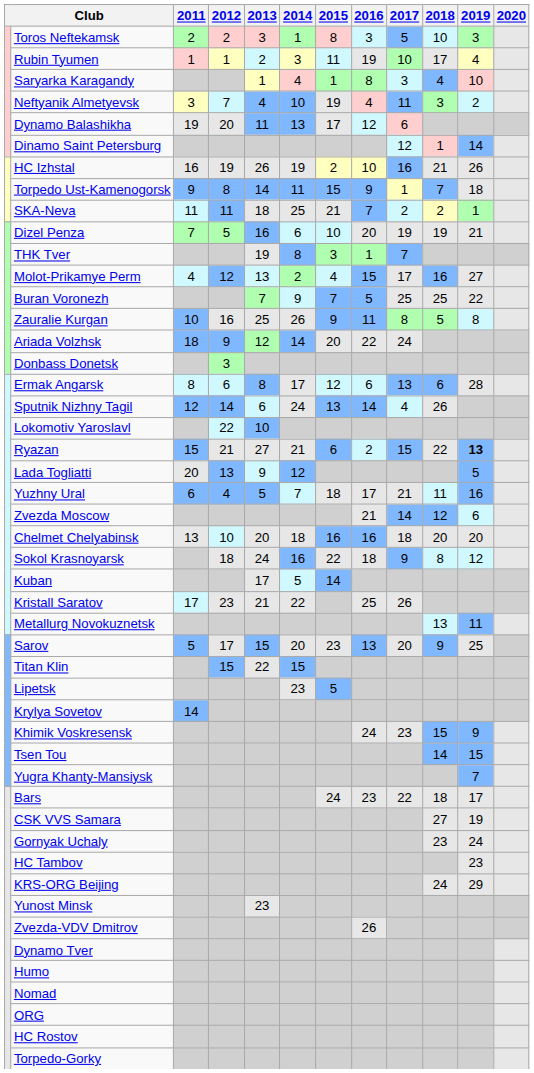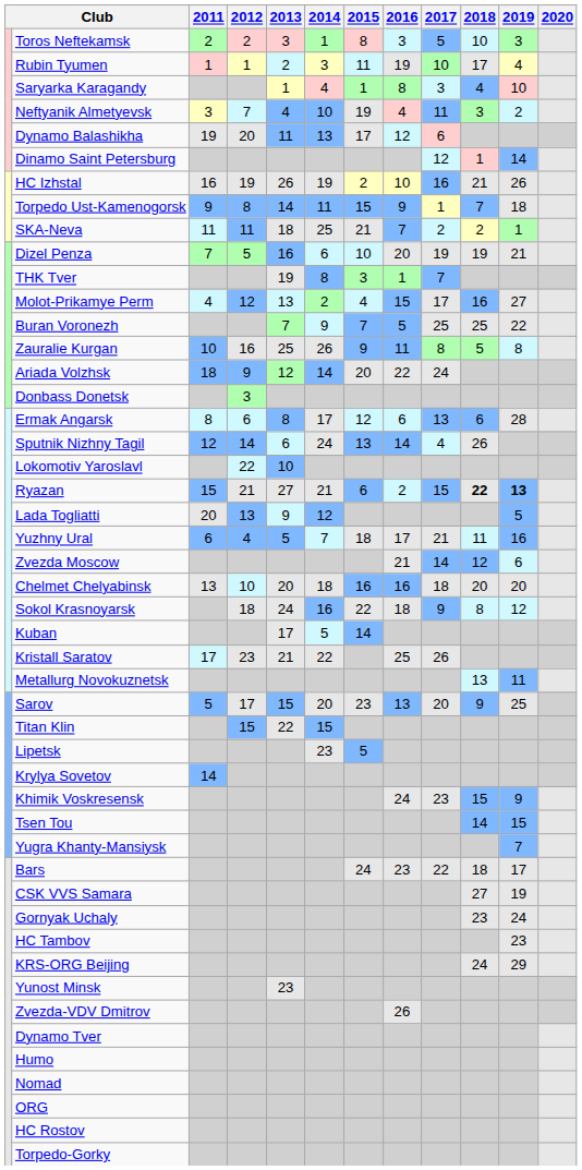 <table class="wikitable" style="font-size: 80%;">
 <tr>
 <th colspan=2>Club</th>
 <th><a href='#'>2011</a></th>
 <th><a href='#'>2012</a></th>
 <th><a href='#'>2013</a></th>
 <th><a href='#'>2014</a></th>
 <th><a href='#'>2015</a></th>
 <th><a href='#'>2016</a></th>
 <th><a href='#'>2017</a></th>
 <th><a href='#'>2018</a></th>
 <th><a href='#'>2019</a></th>
 <th><a href='#'>2020</a></th>
 </tr>
 <tr align="center">
 <td rowspan=6 bgcolor="#ffcfcf"></td>
 <td align="left"><a href='#'>Toros Neftekamsk</a></td>
 <td bgcolor="#b0ffb0">2</td>
 <td bgcolor="#ffcfcf">2</td>
 <td bgcolor="#ffcfcf">3</td>
 <td bgcolor="#b0ffb0">1</td>
 <td bgcolor="#ffcfcf">8</td>
 <td bgcolor="#cff8ff">3</td>
 <td bgcolor="#80b8ff">5</td>
 <td bgcolor="#cff8ff">10</td>
 <td bgcolor="#b0ffb0">3</td>
 <td bgcolor="#e7e7e7"></td>
 </tr>
 <tr align="center">
 <td align="left"><a href='#'>Rubin Tyumen</a></td>
 <td bgcolor="#ffcfcf">1</td>
 <td bgcolor="#ffffbf">1</td>
 <td bgcolor="#cff8ff">2</td>
 <td bgcolor="#ffffbf">3</td>
 <td bgcolor="#cff8ff">11</td>
 <td bgcolor="#e7e7e7">19</td>
 <td bgcolor="#b0ffb0">10</td>
 <td bgcolor="#e7e7e7">17</td>
 <td bgcolor="#ffffbf">4</td>
 <td bgcolor="#e7e7e7"></td>
 </tr>
 <tr align="center">
 <td align="left"><a href='#'>Saryarka Karagandy</a></td>
 <td bgcolor="#d0d0d0"></td>
 <td bgcolor="#d0d0d0"></td>
 <td bgcolor="#ffffbf">1</td>
 <td bgcolor="#ffcfcf">4</td>
 <td bgcolor="#b0ffb0">1</td>
 <td bgcolor="#b0ffb0">8</td>
 <td bgcolor="#cff8ff">3</td>
 <td bgcolor="#80b8ff">4</td>
 <td bgcolor="#ffcfcf">10</td>
 <td bgcolor="#e7e7e7"></td>
 </tr>
 <tr align="center">
 <td align="left"><a href='#'>Neftyanik Almetyevsk</a></td>
 <td bgcolor="#ffffbf">3</td>
 <td bgcolor="#cff8ff">7</td>
 <td bgcolor="#80b8ff">4</td>
 <td bgcolor="#80b8ff">10</td>
 <td bgcolor="#e7e7e7">19</td>
 <td bgcolor="#ffcfcf">4</td>
 <td bgcolor="#80b8ff">11</td>
 <td bgcolor="#b0ffb0">3</td>
 <td bgcolor="#cff8ff">2</td>
 <td bgcolor="#e7e7e7"></td>
 </tr>
 <tr align="center">
 <td align="left"><a href='#'>Dynamo Balashikha</a></td>
 <td bgcolor="#e7e7e7">19</td>
 <td bgcolor="#e7e7e7">20</td>
 <td bgcolor="#80b8ff">11</td>
 <td bgcolor="#80b8ff">13</td>
 <td bgcolor="#e7e7e7">17</td>
 <td bgcolor="#cff8ff">12</td>
 <td bgcolor="#ffcfcf">6</td>
 <td bgcolor="#d0d0d0"></td>
 <td bgcolor="#d0d0d0"></td>
 <td bgcolor="#d0d0d0"></td>
 </tr>
 <tr align="center">
 <td align="left"><a href='#'>Dinamo Saint Petersburg</a></td>
 <td bgcolor="#d0d0d0"></td>
 <td bgcolor="#d0d0d0"></td>
 <td bgcolor="#d0d0d0"></td>
 <td bgcolor="#d0d0d0"></td>
 <td bgcolor="#d0d0d0"></td>
 <td bgcolor="#d0d0d0"></td>
 <td bgcolor="#cff8ff">12</td>
 <td bgcolor="#ffcfcf">1</td>
 <td bgcolor="#80b8ff">14</td>
 <td bgcolor="#e7e7e7"></td>
 </tr>
 <tr align="center">
 <td rowspan=3 bgcolor="#ffffbf"></td>
 <td align="left"><a href='#'>HC Izhstal</a></td>
 <td bgcolor="#e7e7e7">16</td>
 <td bgcolor="#e7e7e7">19</td>
 <td bgcolor="#e7e7e7">26</td>
 <td bgcolor="#e7e7e7">19</td>
 <td bgcolor="#ffffbf">2</td>
 <td bgcolor="#ffffbf">10</td>
 <td bgcolor="#80b8ff">16</td>
 <td bgcolor="#e7e7e7">21</td>
 <td bgcolor="#e7e7e7">26</td>
 <td bgcolor="#e7e7e7"></td>
 </tr>
 <tr align="center">
 <td align="left"><a href='#'>Torpedo Ust-Kamenogorsk</a></td>
 <td bgcolor="#80b8ff">9</td>
 <td bgcolor="#80b8ff">8</td>
 <td bgcolor="#80b8ff">14</td>
 <td bgcolor="#80b8ff">11</td>
 <td bgcolor="#80b8ff">15</td>
 <td bgcolor="#80b8ff">9</td>
 <td bgcolor="#ffffbf">1</td>
 <td bgcolor="#80b8ff">7</td>
 <td bgcolor="#e7e7e7">18</td>
 <td bgcolor="#e7e7e7"></td>
 </tr>
 <tr align="center">
 <td align="left"><a href='#'>SKA-Neva</a></td>
 <td bgcolor="#cff8ff">11</td>
 <td bgcolor="#80b8ff">11</td>
 <td bgcolor="#e7e7e7">18</td>
 <td bgcolor="#e7e7e7">25</td>
 <td bgcolor="#e7e7e7">21</td>
 <td bgcolor="#80b8ff">7</td>
 <td bgcolor="#cff8ff">2</td>
 <td bgcolor="#ffffbf">2</td>
 <td bgcolor="#b0ffb0">1</td>
 <td bgcolor="#e7e7e7"></td>
 </tr>
 <tr align="center">
 <td rowspan=7 bgcolor="#b0ffb0"></td>
 <td align="left"><a href='#'>Dizel Penza</a></td>
 <td bgcolor="#b0ffb0">7</td>
 <td bgcolor="#b0ffb0">5</td>
 <td bgcolor="#80b8ff">16</td>
 <td bgcolor="#cff8ff">6</td>
 <td bgcolor="#cff8ff">10</td>
 <td bgcolor="#e7e7e7">20</td>
 <td bgcolor="#e7e7e7">19</td>
 <td bgcolor="#e7e7e7">19</td>
 <td bgcolor="#e7e7e7">21</td>
 <td bgcolor="#e7e7e7"></td>
 </tr>
 <tr align="center">
 <td align="left"><a href='#'>THK Tver</a></td>
 <td bgcolor="#d0d0d0"></td>
 <td bgcolor="#d0d0d0"></td>
 <td bgcolor="#e7e7e7">19</td>
 <td bgcolor="#80b8ff">8</td>
 <td bgcolor="#b0ffb0">3</td>
 <td bgcolor="#b0ffb0">1</td>
 <td bgcolor="#80b8ff">7</td>
 <td bgcolor="#d0d0d0"></td>
 <td bgcolor="#d0d0d0"></td>
 <td bgcolor="#d0d0d0"></td>
 </tr>
 <tr align="center">
 <td align="left"><a href='#'>Molot-Prikamye Perm</a></td>
 <td bgcolor="#cff8ff">4</td>
 <td bgcolor="#80b8ff">12</td>
 <td bgcolor="#cff8ff">13</td>
 <td bgcolor="#b0ffb0">2</td>
 <td bgcolor="#cff8ff">4</td>
 <td bgcolor="#80b8ff">15</td>
 <td bgcolor="#e7e7e7">17</td>
 <td bgcolor="#80b8ff">16</td>
 <td bgcolor="#e7e7e7">27</td>
 <td bgcolor="#e7e7e7"></td>
 </tr>
 <tr align="center">
 <td align="left"><a href='#'>Buran Voronezh</a></td>
 <td bgcolor="#d0d0d0"></td>
 <td bgcolor="#d0d0d0"></td>
 <td bgcolor="#b0ffb0">7</td>
 <td bgcolor="#cff8ff">9</td>
 <td bgcolor="#80b8ff">7</td>
 <td bgcolor="#80b8ff">5</td>
 <td bgcolor="#e7e7e7">25</td>
 <td bgcolor="#e7e7e7">25</td>
 <td bgcolor="#e7e7e7">22</td>
 <td bgcolor="#e7e7e7"></td>
 </tr>
 <tr align="center">
 <td align="left"><a href='#'>Zauralie Kurgan</a></td>
 <td bgcolor="#80b8ff">10</td>
 <td bgcolor="#e7e7e7">16</td>
 <td bgcolor="#e7e7e7">25</td>
 <td bgcolor="#e7e7e7">26</td>
 <td bgcolor="#80b8ff">9</td>
 <td bgcolor="#80b8ff">11</td>
 <td bgcolor="#b0ffb0">8</td>
 <td bgcolor="#b0ffb0">5</td>
 <td bgcolor="#cff8ff">8</td>
 <td bgcolor="#e7e7e7"></td>
 </tr>
 <tr align="center">
 <td align="left"><a href='#'>Ariada Volzhsk</a></td>
 <td bgcolor="#80b8ff">18</td>
 <td bgcolor="#80b8ff">9</td>
 <td bgcolor="#b0ffb0">12</td>
 <td bgcolor="#80b8ff">14</td>
 <td bgcolor="#e7e7e7">20</td>
 <td bgcolor="#e7e7e7">22</td>
 <td bgcolor="#e7e7e7">24</td>
 <td bgcolor="#d0d0d0"></td>
 <td bgcolor="#d0d0d0"></td>
 <td bgcolor="#d0d0d0"></td>
 </tr>
 <tr align="center">
 <td align="left"><a href='#'>Donbass Donetsk</a></td>
 <td bgcolor="#d0d0d0"></td>
 <td bgcolor="#b0ffb0">3</td>
 <td bgcolor="#d0d0d0"></td>
 <td bgcolor="#d0d0d0"></td>
 <td bgcolor="#d0d0d0"></td>
 <td bgcolor="#d0d0d0"></td>
 <td bgcolor="#d0d0d0"></td>
 <td bgcolor="#d0d0d0"></td>
 <td bgcolor="#d0d0d0"></td>
 <td bgcolor="#d0d0d0"></td>
 </tr>
 <tr align="center">
 <td rowspan=12 bgcolor="#cff8ff"></td>
 <td align="left"><a href='#'>Ermak Angarsk</a></td>
 <td bgcolor="#cff8ff">8</td>
 <td bgcolor="#cff8ff">6</td>
 <td bgcolor="#80b8ff">8</td>
 <td bgcolor="#e7e7e7">17</td>
 <td bgcolor="#cff8ff">12</td>
 <td bgcolor="#cff8ff">6</td>
 <td bgcolor="#80b8ff">13</td>
 <td bgcolor="#80b8ff">6</td>
 <td bgcolor="#e7e7e7">28</td>
 <td bgcolor="#e7e7e7"></td>
 </tr>
 <tr align="center">
 <td align="left"><a href='#'>Sputnik Nizhny Tagil</a></td>
 <td bgcolor="#80b8ff">12</td>
 <td bgcolor="#80b8ff">14</td>
 <td bgcolor="#cff8ff">6</td>
 <td bgcolor="#e7e7e7">24</td>
 <td bgcolor="#80b8ff">13</td>
 <td bgcolor="#80b8ff">14</td>
 <td bgcolor="#cff8ff">4</td>
 <td bgcolor="#e7e7e7">26</td>
 <td bgcolor="#d0d0d0"></td>
 <td bgcolor="#d0d0d0"></td>
 </tr>
 <tr align="center">
 <td align="left"><a href='#'>Lokomotiv Yaroslavl</a></td>
 <td bgcolor="#d0d0d0"></td>
 <td bgcolor="#cff8ff">22</td>
 <td bgcolor="#80b8ff">10</td>
 <td bgcolor="#d0d0d0"></td>
 <td bgcolor="#d0d0d0"></td>
 <td bgcolor="#d0d0d0"></td>
 <td bgcolor="#d0d0d0"></td>
 <td bgcolor="#d0d0d0"></td>
 <td bgcolor="#d0d0d0"></td>
 <td bgcolor="#d0d0d0"></td>
 </tr>
 <tr align="center">
 <td align="left"><a href='#'>Ryazan</a></td>
 <td bgcolor="#80b8ff">15</td>
 <td bgcolor="#e7e7e7">21</td>
 <td bgcolor="#e7e7e7">27</td>
 <td bgcolor="#e7e7e7">21</td>
 <td bgcolor="#80b8ff">6</td>
 <td bgcolor="#cff8ff">2</td>
 <td bgcolor="#80b8ff">15</td>
-<td bgcolor="#e7e7e7">22</td>
+<td bgcolor="#e7e7e7"><strong>22</strong></td>
 <td bgcolor="#80b8ff"><strong>13</strong></td>
 <td bgcolor="#e7e7e7"></td>
 </tr>
 <tr align="center">
 <td align="left"><a href='#'>Lada Togliatti</a></td>
 <td bgcolor="#e7e7e7">20</td>
 <td bgcolor="#80b8ff">13</td>
 <td bgcolor="#cff8ff">9</td>
 <td bgcolor="#80b8ff">12</td>
 <td bgcolor="#d0d0d0"></td>
 <td bgcolor="#d0d0d0"></td>
 <td bgcolor="#d0d0d0"></td>
 <td bgcolor="#d0d0d0"></td>
 <td bgcolor="#80b8ff">5</td>
 <td bgcolor="#e7e7e7"></td>
 </tr>
 <tr align="center">
 <td align="left"><a href='#'>Yuzhny Ural</a></td>
 <td bgcolor="#80b8ff">6</td>
 <td bgcolor="#80b8ff">4</td>
 <td bgcolor="#80b8ff">5</td>
 <td bgcolor="#cff8ff">7</td>
 <td bgcolor="#e7e7e7">18</td>
 <td bgcolor="#e7e7e7">17</td>
 <td bgcolor="#e7e7e7">21</td>
 <td bgcolor="#cff8ff">11</td>
 <td bgcolor="#80b8ff">16</td>
 <td bgcolor="#e7e7e7"></td>
 </tr>
 <tr align="center">
 <td align="left"><a href='#'>Zvezda Moscow</a></td>
 <td bgcolor="#d0d0d0"></td>
 <td bgcolor="#d0d0d0"></td>
 <td bgcolor="#d0d0d0"></td>
 <td bgcolor="#d0d0d0"></td>
 <td bgcolor="#d0d0d0"></td>
 <td bgcolor="#e7e7e7">21</td>
 <td bgcolor="#80b8ff">14</td>
 <td bgcolor="#80b8ff">12</td>
 <td bgcolor="#cff8ff">6</td>
 <td bgcolor="#e7e7e7"></td>
 </tr>
 <tr align="center">
 <td align="left"><a href='#'>Chelmet Chelyabinsk</a></td>
 <td bgcolor="#e7e7e7">13</td>
 <td bgcolor="#cff8ff">10</td>
 <td bgcolor="#e7e7e7">20</td>
 <td bgcolor="#e7e7e7">18</td>
 <td bgcolor="#80b8ff">16</td>
 <td bgcolor="#80b8ff">16</td>
 <td bgcolor="#e7e7e7">18</td>
 <td bgcolor="#e7e7e7">20</td>
 <td bgcolor="#e7e7e7">20</td>
 <td bgcolor="#e7e7e7"></td>
 </tr>
 <tr align="center">
 <td align="left"><a href='#'>Sokol Krasnoyarsk</a></td>
 <td bgcolor="#d0d0d0"></td>
 <td bgcolor="#e7e7e7">18</td>
 <td bgcolor="#e7e7e7">24</td>
 <td bgcolor="#80b8ff">16</td>
 <td bgcolor="#e7e7e7">22</td>
 <td bgcolor="#e7e7e7">18</td>
 <td bgcolor="#80b8ff">9</td>
 <td bgcolor="#cff8ff">8</td>
 <td bgcolor="#cff8ff">12</td>
 <td bgcolor="#e7e7e7"></td>
 </tr>
 <tr align="center">
 <td align="left"><a href='#'>Kuban</a></td>
 <td bgcolor="#d0d0d0"></td>
 <td bgcolor="#d0d0d0"></td>
 <td bgcolor="#e7e7e7">17</td>
 <td bgcolor="#cff8ff">5</td>
 <td bgcolor="#80b8ff">14</td>
 <td bgcolor="#d0d0d0"></td>
 <td bgcolor="#d0d0d0"></td>
 <td bgcolor="#d0d0d0"></td>
 <td bgcolor="#d0d0d0"></td>
 <td bgcolor="#d0d0d0"></td>
 </tr>
 <tr align="center">
 <td align="left"><a href='#'>Kristall Saratov</a></td>
 <td bgcolor="#cff8ff">17</td>
 <td bgcolor="#e7e7e7">23</td>
 <td bgcolor="#e7e7e7">21</td>
 <td bgcolor="#e7e7e7">22</td>
 <td bgcolor="#d0d0d0"></td>
 <td bgcolor="#e7e7e7">25</td>
 <td bgcolor="#e7e7e7">26</td>
 <td bgcolor="#d0d0d0"></td>
 <td bgcolor="#d0d0d0"></td>
 <td bgcolor="#d0d0d0"></td>
 </tr>
 <tr align="center">
 <td align="left"><a href='#'>Metallurg Novokuznetsk</a></td>
 <td bgcolor="#d0d0d0"></td>
 <td bgcolor="#d0d0d0"></td>
 <td bgcolor="#d0d0d0"></td>
 <td bgcolor="#d0d0d0"></td>
 <td bgcolor="#d0d0d0"></td>
 <td bgcolor="#d0d0d0"></td>
 <td bgcolor="#d0d0d0"></td>
 <td bgcolor="#cff8ff">13</td>
 <td bgcolor="#80b8ff">11</td>
 <td bgcolor="#e7e7e7"></td>
 </tr>
 <tr align="center">
 <td rowspan=7 bgcolor="#80b8ff"></td>
 <td align="left"><a href='#'>Sarov</a></td>
 <td bgcolor="#80b8ff">5</td>
 <td bgcolor="#e7e7e7">17</td>
 <td bgcolor="#80b8ff">15</td>
 <td bgcolor="#e7e7e7">20</td>
 <td bgcolor="#e7e7e7">23</td>
 <td bgcolor="#80b8ff">13</td>
 <td bgcolor="#e7e7e7">20</td>
 <td bgcolor="#80b8ff">9</td>
 <td bgcolor="#e7e7e7">25</td>
 <td bgcolor="#d0d0d0"></td>
 </tr>
 <tr align="center">
 <td align="left"><a href='#'>Titan Klin</a></td>
 <td bgcolor="#d0d0d0"></td>
 <td bgcolor="#80b8ff">15</td>
 <td bgcolor="#e7e7e7">22</td>
 <td bgcolor="#80b8ff">15</td>
 <td bgcolor="#d0d0d0"></td>
 <td bgcolor="#d0d0d0"></td>
 <td bgcolor="#d0d0d0"></td>
 <td bgcolor="#d0d0d0"></td>
 <td bgcolor="#d0d0d0"></td>
 <td bgcolor="#d0d0d0"></td>
 </tr>
 <tr align="center">
 <td align="left"><a href='#'>Lipetsk</a></td>
 <td bgcolor="#d0d0d0"></td>
 <td bgcolor="#d0d0d0"></td>
 <td bgcolor="#d0d0d0"></td>
 <td bgcolor="#e7e7e7">23</td>
 <td bgcolor="#80b8ff">5</td>
 <td bgcolor="#d0d0d0"></td>
 <td bgcolor="#d0d0d0"></td>
 <td bgcolor="#d0d0d0"></td>
 <td bgcolor="#d0d0d0"></td>
 <td bgcolor="#d0d0d0"></td>
 </tr>
 <tr align="center">
 <td align="left"><a href='#'>Krylya Sovetov</a></td>
 <td bgcolor="#80b8ff">14</td>
 <td bgcolor="#d0d0d0"></td>
 <td bgcolor="#d0d0d0"></td>
 <td bgcolor="#d0d0d0"></td>
 <td bgcolor="#d0d0d0"></td>
 <td bgcolor="#d0d0d0"></td>
 <td bgcolor="#d0d0d0"></td>
 <td bgcolor="#d0d0d0"></td>
 <td bgcolor="#d0d0d0"></td>
 <td bgcolor="#d0d0d0"></td>
 </tr>
 <tr align="center">
 <td align="left"><a href='#'>Khimik Voskresensk</a></td>
 <td bgcolor="#d0d0d0"></td>
 <td bgcolor="#d0d0d0"></td>
 <td bgcolor="#d0d0d0"></td>
 <td bgcolor="#d0d0d0"></td>
 <td bgcolor="#d0d0d0"></td>
 <td bgcolor="#e7e7e7">24</td>
 <td bgcolor="#e7e7e7">23</td>
 <td bgcolor="#80b8ff">15</td>
 <td bgcolor="#80b8ff">9</td>
 <td bgcolor="#e7e7e7"></td>
 </tr>
 <tr align="center">
 <td align="left"><a href='#'>Tsen Tou</a></td>
 <td bgcolor="#d0d0d0"></td>
 <td bgcolor="#d0d0d0"></td>
 <td bgcolor="#d0d0d0"></td>
 <td bgcolor="#d0d0d0"></td>
 <td bgcolor="#d0d0d0"></td>
 <td bgcolor="#d0d0d0"></td>
 <td bgcolor="#d0d0d0"></td>
 <td bgcolor="#80b8ff">14</td>
 <td bgcolor="#80b8ff">15</td>
 <td bgcolor="#e7e7e7"></td>
 </tr>
 <tr align="center">
 <td align="left"><a href='#'>Yugra Khanty-Mansiysk</a></td>
 <td bgcolor="#d0d0d0"></td>
 <td bgcolor="#d0d0d0"></td>
 <td bgcolor="#d0d0d0"></td>
 <td bgcolor="#d0d0d0"></td>
 <td bgcolor="#d0d0d0"></td>
 <td bgcolor="#d0d0d0"></td>
 <td bgcolor="#d0d0d0"></td>
 <td bgcolor="#d0d0d0"></td>
 <td bgcolor="#80b8ff">7</td>
 <td bgcolor="#e7e7e7"></td>
 </tr>
 <tr align="center">
 <td rowspan=13 bgcolor="#e7e7e7"></td>
 <td align="left"><a href='#'>Bars</a></td>
 <td bgcolor="#d0d0d0"></td>
 <td bgcolor="#d0d0d0"></td>
 <td bgcolor="#d0d0d0"></td>
 <td bgcolor="#d0d0d0"></td>
 <td bgcolor="#e7e7e7">24</td>
 <td bgcolor="#e7e7e7">23</td>
 <td bgcolor="#e7e7e7">22</td>
 <td bgcolor="#e7e7e7">18</td>
 <td bgcolor="#e7e7e7">17</td>
 <td bgcolor="#e7e7e7"></td>
 </tr>
 <tr align="center">
 <td align="left"><a href='#'>CSK VVS Samara</a></td>
 <td bgcolor="#d0d0d0"></td>
 <td bgcolor="#d0d0d0"></td>
 <td bgcolor="#d0d0d0"></td>
 <td bgcolor="#d0d0d0"></td>
 <td bgcolor="#d0d0d0"></td>
 <td bgcolor="#d0d0d0"></td>
 <td bgcolor="#d0d0d0"></td>
 <td bgcolor="#e7e7e7">27</td>
 <td bgcolor="#e7e7e7">19</td>
 <td bgcolor="#e7e7e7"></td>
 </tr>
 <tr align="center">
 <td align="left"><a href='#'>Gornyak Uchaly</a></td>
 <td bgcolor="#d0d0d0"></td>
 <td bgcolor="#d0d0d0"></td>
 <td bgcolor="#d0d0d0"></td>
 <td bgcolor="#d0d0d0"></td>
 <td bgcolor="#d0d0d0"></td>
 <td bgcolor="#d0d0d0"></td>
 <td bgcolor="#d0d0d0"></td>
 <td bgcolor="#e7e7e7">23</td>
 <td bgcolor="#e7e7e7">24</td>
 <td bgcolor="#e7e7e7"></td>
 </tr>
 <tr align="center">
 <td align="left"><a href='#'>HC Tambov</a></td>
 <td bgcolor="#d0d0d0"></td>
 <td bgcolor="#d0d0d0"></td>
 <td bgcolor="#d0d0d0"></td>
 <td bgcolor="#d0d0d0"></td>
 <td bgcolor="#d0d0d0"></td>
 <td bgcolor="#d0d0d0"></td>
 <td bgcolor="#d0d0d0"></td>
 <td bgcolor="#d0d0d0"></td>
 <td bgcolor="#e7e7e7">23</td>
 <td bgcolor="#e7e7e7"></td>
 </tr>
 <tr align="center">
 <td align="left"><a href='#'>KRS-ORG Beijing</a></td>
 <td bgcolor="#d0d0d0"></td>
 <td bgcolor="#d0d0d0"></td>
 <td bgcolor="#d0d0d0"></td>
 <td bgcolor="#d0d0d0"></td>
 <td bgcolor="#d0d0d0"></td>
 <td bgcolor="#d0d0d0"></td>
 <td bgcolor="#d0d0d0"></td>
 <td bgcolor="#e7e7e7">24</td>
 <td bgcolor="#e7e7e7">29</td>
 <td bgcolor="#e7e7e7"></td>
 </tr>
 <tr align="center">
 <td align="left"><a href='#'>Yunost Minsk</a></td>
 <td bgcolor="#d0d0d0"></td>
 <td bgcolor="#d0d0d0"></td>
 <td bgcolor="#e7e7e7">23</td>
 <td bgcolor="#d0d0d0"></td>
 <td bgcolor="#d0d0d0"></td>
 <td bgcolor="#d0d0d0"></td>
 <td bgcolor="#d0d0d0"></td>
 <td bgcolor="#d0d0d0"></td>
 <td bgcolor="#d0d0d0"></td>
 <td bgcolor="#d0d0d0"></td>
 </tr>
 <tr align="center">
 <td align="left"><a href='#'>Zvezda-VDV Dmitrov</a></td>
 <td bgcolor="#d0d0d0"></td>
 <td bgcolor="#d0d0d0"></td>
 <td bgcolor="#d0d0d0"></td>
 <td bgcolor="#d0d0d0"></td>
 <td bgcolor="#d0d0d0"></td>
 <td bgcolor="#e7e7e7">26</td>
 <td bgcolor="#d0d0d0"></td>
 <td bgcolor="#d0d0d0"></td>
 <td bgcolor="#d0d0d0"></td>
 <td bgcolor="#d0d0d0"></td>
 </tr>
 <tr align="center">
 <td align="left"><a href='#'>Dynamo Tver</a></td>
 <td bgcolor="#d0d0d0"></td>
 <td bgcolor="#d0d0d0"></td>
 <td bgcolor="#d0d0d0"></td>
 <td bgcolor="#d0d0d0"></td>
 <td bgcolor="#d0d0d0"></td>
 <td bgcolor="#d0d0d0"></td>
 <td bgcolor="#d0d0d0"></td>
 <td bgcolor="#d0d0d0"></td>
 <td bgcolor="#d0d0d0"></td>
 <td bgcolor="#e7e7e7"></td>
 </tr>
 <tr align="center">
 <td align="left"><a href='#'>Humo</a></td>
 <td bgcolor="#d0d0d0"></td>
 <td bgcolor="#d0d0d0"></td>
 <td bgcolor="#d0d0d0"></td>
 <td bgcolor="#d0d0d0"></td>
 <td bgcolor="#d0d0d0"></td>
 <td bgcolor="#d0d0d0"></td>
 <td bgcolor="#d0d0d0"></td>
 <td bgcolor="#d0d0d0"></td>
 <td bgcolor="#d0d0d0"></td>
 <td bgcolor="#e7e7e7"></td>
 </tr>
 <tr align="center">
 <td align="left"><a href='#'>Nomad</a></td>
 <td bgcolor="#d0d0d0"></td>
 <td bgcolor="#d0d0d0"></td>
 <td bgcolor="#d0d0d0"></td>
 <td bgcolor="#d0d0d0"></td>
 <td bgcolor="#d0d0d0"></td>
 <td bgcolor="#d0d0d0"></td>
 <td bgcolor="#d0d0d0"></td>
 <td bgcolor="#d0d0d0"></td>
 <td bgcolor="#d0d0d0"></td>
 <td bgcolor="#e7e7e7"></td>
 </tr>
 <tr align="center">
 <td align="left"><a href='#'>ORG</a></td>
 <td bgcolor="#d0d0d0"></td>
 <td bgcolor="#d0d0d0"></td>
 <td bgcolor="#d0d0d0"></td>
 <td bgcolor="#d0d0d0"></td>
 <td bgcolor="#d0d0d0"></td>
 <td bgcolor="#d0d0d0"></td>
 <td bgcolor="#d0d0d0"></td>
 <td bgcolor="#d0d0d0"></td>
 <td bgcolor="#d0d0d0"></td>
 <td bgcolor="#e7e7e7"></td>
 </tr>
 <tr align="center">
 <td align="left"><a href='#'>HC Rostov</a></td>
 <td bgcolor="#d0d0d0"></td>
 <td bgcolor="#d0d0d0"></td>
 <td bgcolor="#d0d0d0"></td>
 <td bgcolor="#d0d0d0"></td>
 <td bgcolor="#d0d0d0"></td>
 <td bgcolor="#d0d0d0"></td>
 <td bgcolor="#d0d0d0"></td>
 <td bgcolor="#d0d0d0"></td>
 <td bgcolor="#d0d0d0"></td>
 <td bgcolor="#e7e7e7"></td>
 </tr>
 <tr align="center">
 <td align="left"><a href='#'>Torpedo-Gorky</a></td>
 <td bgcolor="#d0d0d0"></td>
 <td bgcolor="#d0d0d0"></td>
 <td bgcolor="#d0d0d0"></td>
 <td bgcolor="#d0d0d0"></td>
 <td bgcolor="#d0d0d0"></td>
 <td bgcolor="#d0d0d0"></td>
 <td bgcolor="#d0d0d0"></td>
 <td bgcolor="#d0d0d0"></td>
 <td bgcolor="#d0d0d0"></td>
 <td bgcolor="#e7e7e7"></td>
 </tr>
 </table>
